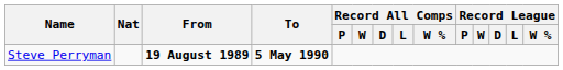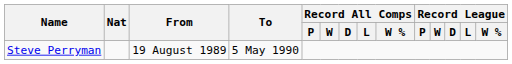 <table style="text-align: center" class="wikitable">
 <tr>
 <th rowspan="2">Name</th>
 <th rowspan="2">Nat</th>
 <th rowspan="2">From</th>
 <th rowspan="2">To</th>
 <th colspan="5">Record All Comps</th>
 <th colspan="5">Record League</th>
 </tr>
 <tr>
 <th>P</th>
 <th>W</th>
 <th>D</th>
 <th>L</th>
 <th>W %</th>
 <th>P</th>
 <th>W</th>
 <th>D</th>
 <th>L</th>
 <th>W %</th>
 </tr>
 <tr>
 <td style="text-align:left;"><a href='#'>Steve Perryman</a></td>
 <td></td>
-<td style="text-align:left;"><strong>19 August 1989</strong></td>
-<td style="text-align:left;"><strong>5 May 1990<br> </strong></td>
+<td style="text-align:left;">19 August 1989</td>
+<td style="text-align:left;">5 May 1990<br> </td>
 </tr>
 </table>
